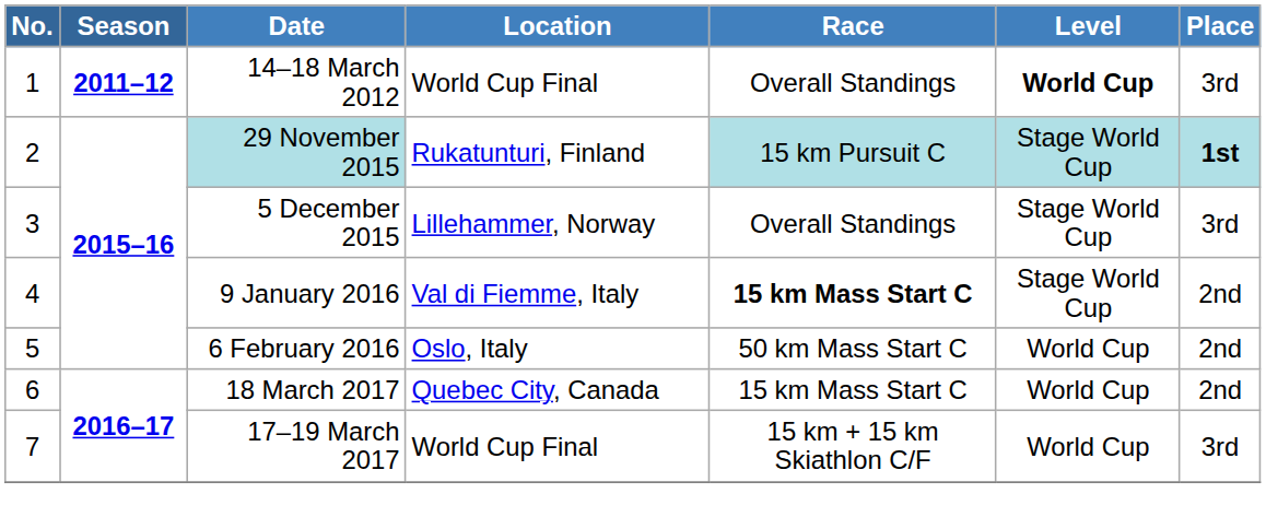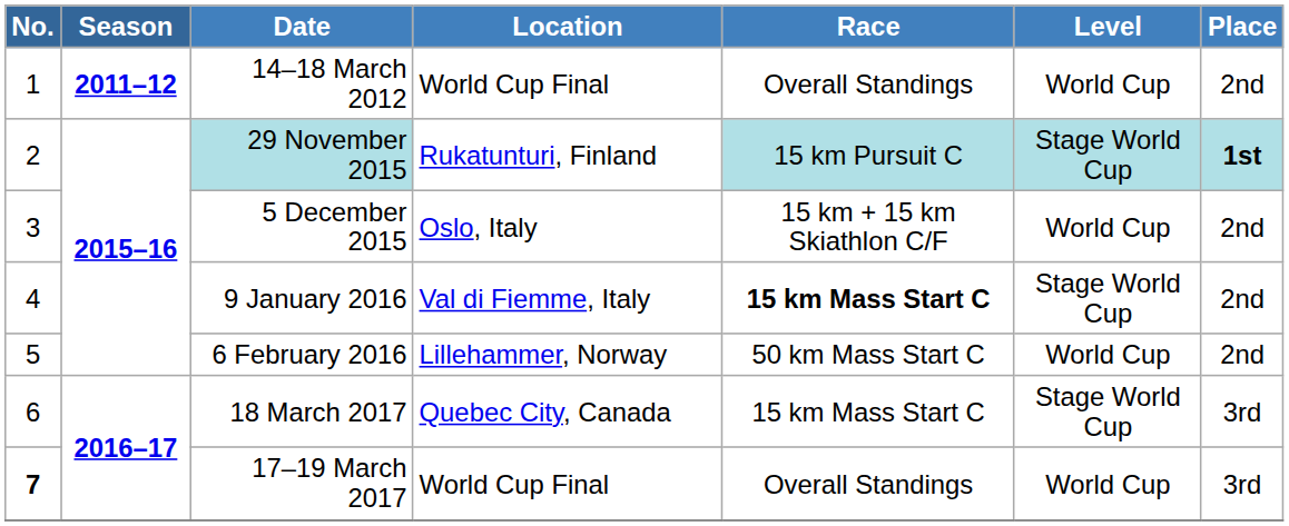 <table class="wikitable sortable" style="font-size:95%; text-align:center; border:grey solid 1px; border-collapse:collapse; background:#ffffff;">
 <tr style="background:#efefef;">
 <th style="background-color:#369; color:white;">No.</th>
 <th style="background-color:#369; color:white;">Season</th>
 <th style="background-color:#4180be; color:white; width:120px;">Date</th>
 <th style="background-color:#4180be; color:white; width:170px;">Location</th>
 <th style="background-color:#4180be; color:white; width:160px;">Race</th>
 <th style="background-color:#4180be; color:white; width:100px;">Level</th>
 <th style="background-color:#4180be; color:white;">Place</th>
 </tr>
 <tr>
 <td align=center>1</td>
 <td rowspan=1 align=center><strong> <a href='#'>2011–12</a> </strong></td>
 <td align=right>14–18 March 2012</td>
 <td align=left> World Cup Final</td>
 <td>Overall Standings</td>
-<td><strong>World Cup</strong></td>
-<td>3rd</td>
+<td>World Cup</td>
+<td>2nd</td>
 </tr>
 <tr>
 <td align=center>2</td>
 <td rowspan=4 align=center><strong><a href='#'>2015–16</a></strong></td>
 <td bgcolor="#BOEOE6" align=right>29 November 2015</td>
 <td align=left> <a href='#'>Rukatunturi</a>, Finland</td>
 <td bgcolor="#BOEOE6">15 km Pursuit C</td>
 <td bgcolor="#BOEOE6">Stage World Cup</td>
 <td bgcolor="#BOEOE6"><strong>1st</strong></td>
 </tr>
 <tr>
 <td align=center>3</td>
 <td align=right>5 December 2015</td>
-<td align=left> <a href='#'>Lillehammer</a>, Norway</td>
-<td>Overall Standings</td>
-<td>Stage World Cup</td>
-<td>3rd</td>
+<td align=left> <a href='#'>Oslo</a>, Italy</td>
+<td>15 km + 15 km Skiathlon C/F</td>
+<td>World Cup</td>
+<td>2nd</td>
 </tr>
 <tr>
 <td align=center>4</td>
 <td align=right>9 January 2016</td>
 <td align=left> <a href='#'>Val di Fiemme</a>, Italy</td>
 <td><strong>15 km Mass Start C</strong></td>
 <td>Stage World Cup</td>
 <td>2nd</td>
 </tr>
 <tr>
 <td align=center>5</td>
 <td align=right>6 February 2016</td>
-<td align=left> <a href='#'>Oslo</a>, Italy</td>
+<td align=left> <a href='#'>Lillehammer</a>, Norway</td>
 <td>50 km Mass Start C</td>
 <td>World Cup</td>
 <td>2nd</td>
 </tr>
 <tr>
 <td align=center>6</td>
 <td rowspan=2 align=center><strong> <a href='#'>2016–17</a> </strong></td>
 <td align=right>18 March 2017</td>
 <td align=left> <a href='#'>Quebec City</a>, Canada</td>
 <td>15 km Mass Start C</td>
-<td>World Cup</td>
-<td>2nd</td>
+<td>Stage World Cup</td>
+<td>3rd</td>
 </tr>
 <tr>
-<td align=center>7</td>
+<td align=center><strong>7</strong></td>
 <td align=right>17–19 March 2017</td>
 <td align=left> World Cup Final</td>
-<td>15 km + 15 km Skiathlon C/F</td>
+<td>Overall Standings</td>
 <td>World Cup</td>
 <td>3rd</td>
 </tr>
 <tr>
 </tr>
 </table>
